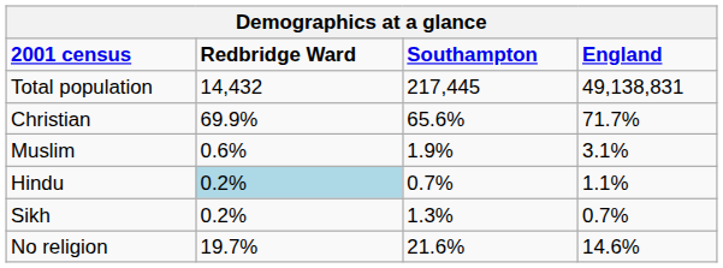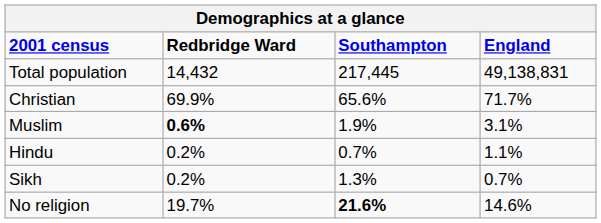 <table class="wikitable" id="toc" style="float: right; margin-left: 2em; width: 40%; font-size: 90%;" cellspacing="3">
 <tr>
 <th colspan="4"><strong>Demographics at a glance</strong></th>
 </tr>
 <tr>
 <td><strong><a href='#'>2001 census</a></strong></td>
 <td><strong>Redbridge Ward</strong></td>
 <td><strong><a href='#'>Southampton</a></strong></td>
 <td><strong><a href='#'>England</a></strong></td>
 </tr>
 <tr>
 <td>Total population</td>
 <td>14,432</td>
 <td>217,445</td>
 <td>49,138,831</td>
 </tr>
 <tr>
 <td>Christian</td>
 <td>69.9%</td>
 <td>65.6%</td>
 <td>71.7%</td>
 </tr>
 <tr>
 <td>Muslim</td>
-<td>0.6%</td>
+<td><strong>0.6%</strong></td>
 <td>1.9%</td>
 <td>3.1%</td>
 </tr>
 <tr>
 <td>Hindu</td>
-<td style="background: lightblue;">0.2%</td>
+<td>0.2%</td>
 <td>0.7%</td>
 <td>1.1%</td>
 </tr>
 <tr>
 <td>Sikh</td>
 <td>0.2%</td>
 <td>1.3%</td>
 <td>0.7%</td>
 </tr>
 <tr>
 <td>No religion</td>
 <td>19.7%</td>
-<td>21.6%</td>
+<td><strong>21.6%</strong></td>
 <td>14.6%</td>
 </tr>
 </table>
